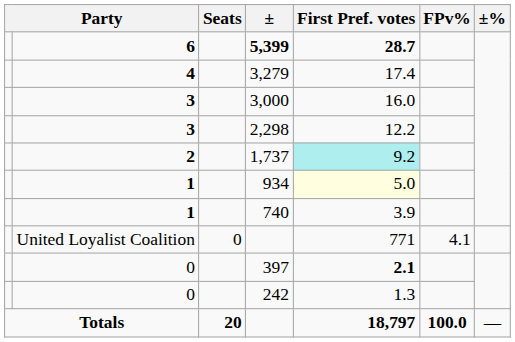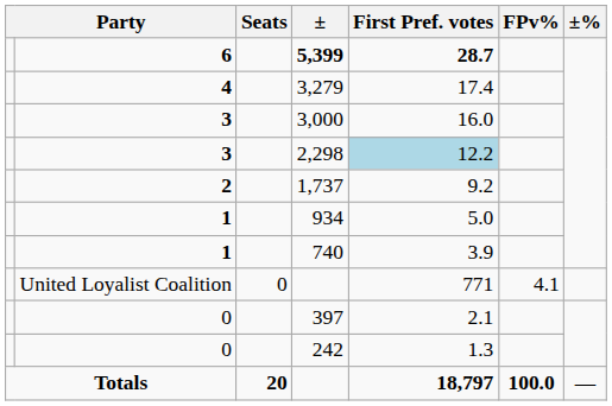 <table class=wikitable>
 <tr>
 <th colspan=2 align=center>Party</th>
 <th valign=top>Seats</th>
 <th valign=top>±</th>
 <th valign=top>First Pref. votes</th>
 <th valign=top>FPv%</th>
 <th valign=top>±%</th>
 </tr>
 <tr>
 <td></td>
 <td align=right><strong>6</strong></td>
 <td align=right></td>
 <td align=right><strong>5,399</strong></td>
 <td align=right><strong>28.7</strong></td>
 <td align=right></td>
 </tr>
 <tr>
 <td></td>
 <td align=right><strong>4</strong></td>
 <td align=right></td>
 <td align=right>3,279</td>
 <td align=right>17.4</td>
 <td align=right></td>
 </tr>
 <tr>
 <td></td>
 <td align=right><strong>3</strong></td>
 <td align=right></td>
 <td align=right>3,000</td>
 <td align=right>16.0</td>
 <td align=right></td>
 </tr>
 <tr>
 <td></td>
 <td align=right><strong>3</strong></td>
 <td align=right></td>
 <td align=right>2,298</td>
-<td align=right>12.2</td>
+<td align=right style="background: lightblue;">12.2</td>
 <td align=right></td>
 </tr>
 <tr>
 <td></td>
 <td align=right><strong>2</strong></td>
 <td align=right></td>
 <td align=right>1,737</td>
-<td align=right style="background: paleturquoise;">9.2</td>
+<td align=right>9.2</td>
 <td align=right></td>
 </tr>
 <tr>
 <td></td>
 <td align=right><strong>1</strong></td>
 <td align=right></td>
 <td align=right>934</td>
-<td align=right style="background: lightyellow;">5.0</td>
+<td align=right>5.0</td>
 <td align=right></td>
 </tr>
 <tr>
 <td></td>
 <td align=right><strong>1</strong></td>
 <td align=right></td>
 <td align=right>740</td>
 <td align=right>3.9</td>
 <td align=right></td>
 </tr>
 <tr>
 <td></td>
 <td>United Loyalist Coalition</td>
 <td align=right>0</td>
 <td align=right></td>
 <td align=right>771</td>
 <td align=right>4.1</td>
 <td align=right></td>
 </tr>
 <tr>
 <td></td>
 <td align=right>0</td>
 <td align=right></td>
 <td align=right>397</td>
-<td align=right><strong>2.1</strong></td>
+<td align=right>2.1</td>
 <td align=right></td>
 </tr>
 <tr>
 <td></td>
 <td align=right>0</td>
 <td align=right></td>
 <td align=right>242</td>
 <td align=right>1.3</td>
 <td align=right></td>
 </tr>
 <tr>
 <td colspan=2 align=center><strong>Totals</strong></td>
 <td align=right><strong>20</strong></td>
 <td align=center></td>
 <td align=right><strong>18,797</strong></td>
 <td align=center><strong>100.0</strong></td>
 <td align=center>—</td>
 </tr>
 </table>
